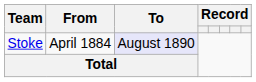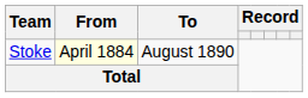 <table class=wikitable style="text-align: center">
 <tr>
 <th rowspan=2>Team</th>
 <th rowspan=2>From</th>
 <th rowspan=2>To</th>
 <th colspan=5>Record</th>
 </tr>
 <tr>
 <th></th>
 <th></th>
 <th></th>
 <th></th>
 <th></th>
 </tr>
 <tr>
 <td align=left><a href='#'>Stoke</a></td>
-<td align=left>April 1884</td>
-<td align=left style="background: lavender;">August 1890<br></td>
+<td align=left style="background: lightyellow;">April 1884</td>
+<td align=left>August 1890<br></td>
 </tr>
 <tr>
 <th colspan=3>Total<br></th>
 </tr>
 </table>
